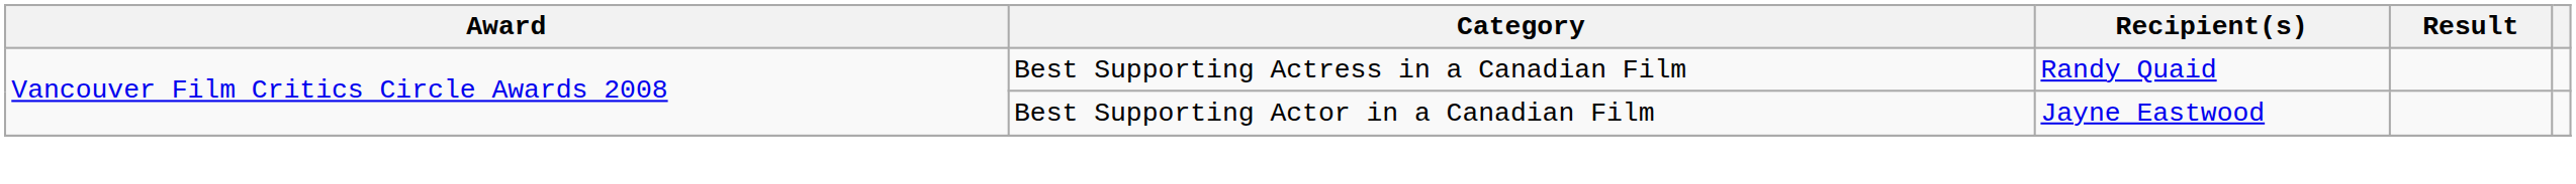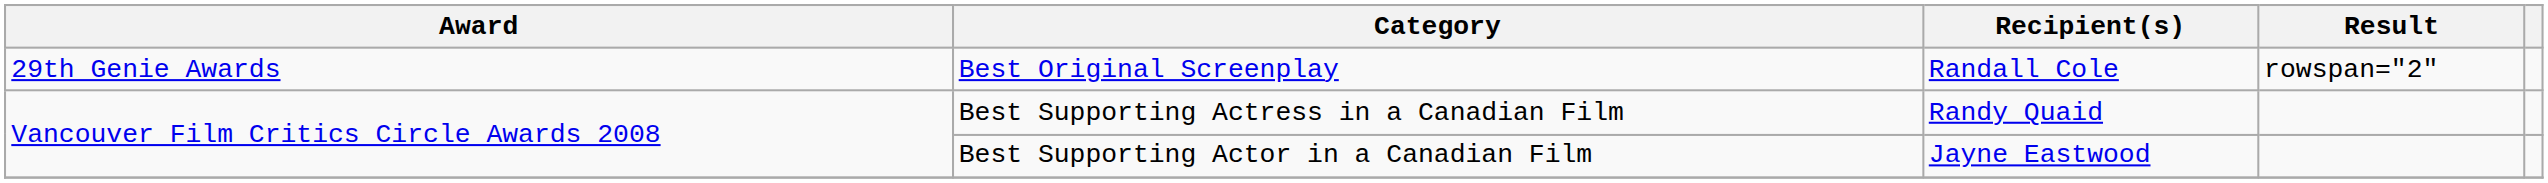 <table class="wikitable sortable" style="width: 99%;">
 <tr>
 <th scope="col">Award</th>
 <th scope="col">Category</th>
 <th scope="col">Recipient(s)</th>
 <th scope="col">Result</th>
 <th scope="col" class="unsortable"></th>
+</tr>
+<tr>
+<td rowspan="1"><a href='#'>29th Genie Awards</a></td>
+<td><a href='#'>Best Original Screenplay</a></td>
+<td><a href='#'>Randall Cole</a></td>
+<td>rowspan="2" </td>
+<td></td>
 </tr>
 <tr>
 <td rowspan="2"><a href='#'>Vancouver Film Critics Circle Awards 2008</a></td>
 <td>Best Supporting Actress in a Canadian Film</td>
 <td><a href='#'>Randy Quaid</a></td>
 <td></td>
 </tr>
 <tr>
 <td>Best Supporting Actor in a Canadian Film</td>
 <td><a href='#'>Jayne Eastwood</a></td>
 <td></td>
 <td></td>
 </tr>
 <tr>
 </tr>
 </table>
